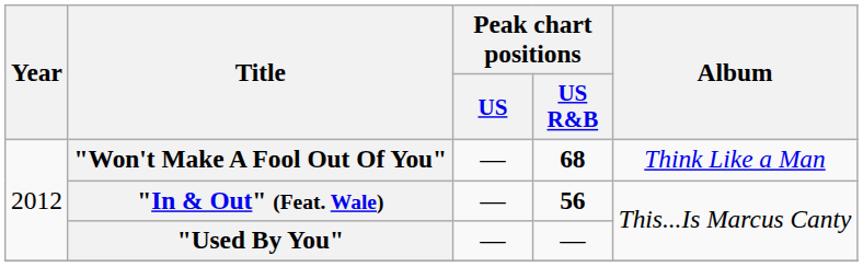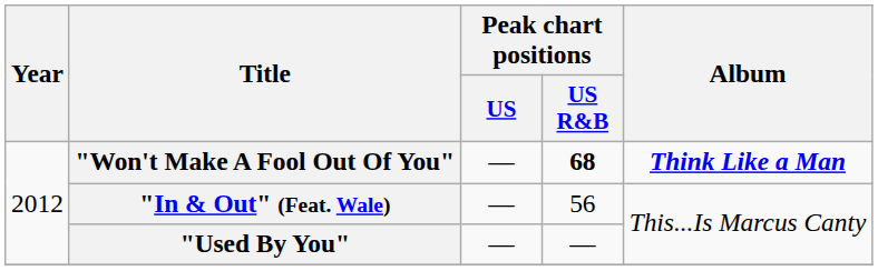 <table class="wikitable plainrowheaders" style="text-align:center;">
 <tr>
 <th scope="col" rowspan="2">Year</th>
 <th scope="col" rowspan="2">Title</th>
 <th scope="col" colspan="2">Peak chart positions</th>
 <th scope="col" rowspan="2">Album</th>
 </tr>
 <tr>
 <th scope="col" style="width:3em;font-size:90%;"><a href='#'>US</a></th>
 <th scope="col" style="width:3em;font-size:90%;"><a href='#'>US<br>R&B</a></th>
 </tr>
 <tr>
 <td rowspan="3">2012</td>
 <th scope="row">"Won't Make A Fool Out Of You"</th>
 <td>—</td>
 <td><strong>68</strong></td>
-<td><em><a href='#'>Think Like a Man</a></em></td>
+<td><strong><em><a href='#'>Think Like a Man</a></em></strong></td>
 </tr>
 <tr>
 <th scope="row">"<a href='#'>In & Out</a>" <small>(Feat. <a href='#'>Wale</a>)</small></th>
 <td>—</td>
-<td><strong>56</strong></td>
+<td>56</td>
 <td rowspan="2"><em>This...Is Marcus Canty</em></td>
 </tr>
 <tr>
 <th scope="row">"Used By You"</th>
 <td>—</td>
 <td>—</td>
 </tr>
 <tr>
 </tr>
 </table>
